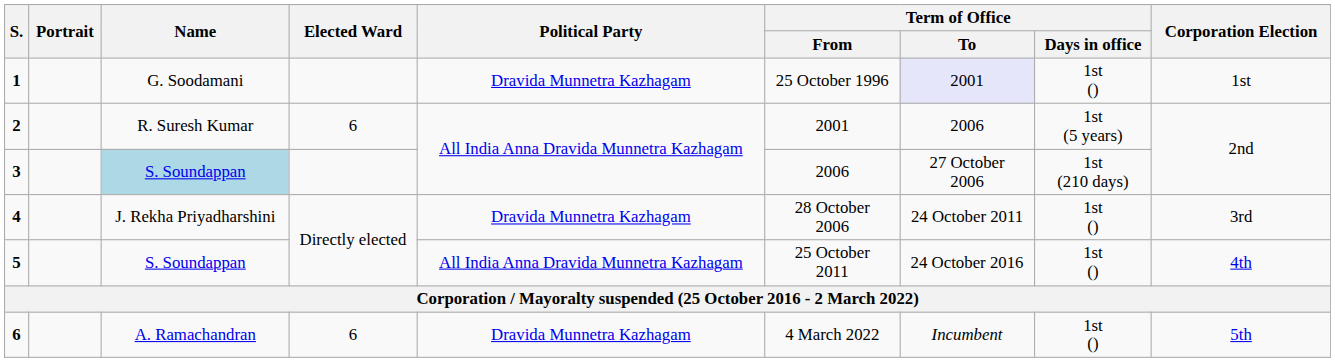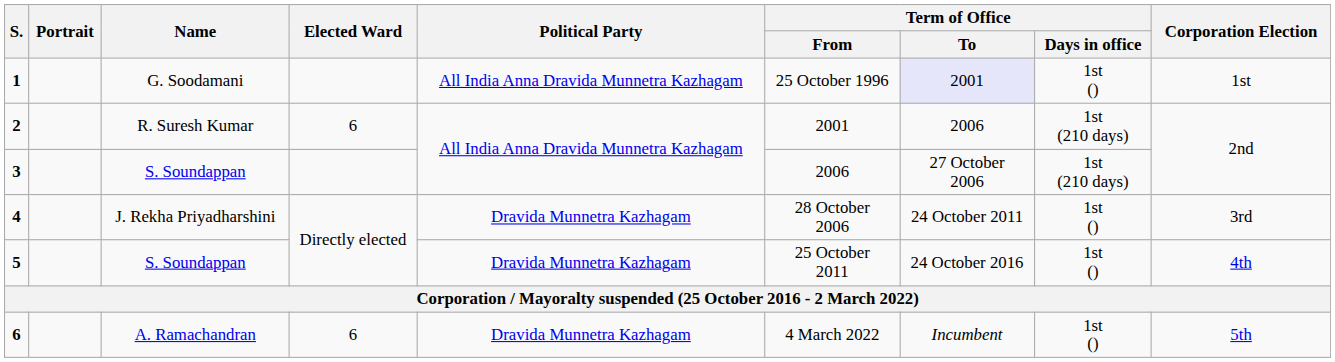 <table class="wikitable sortable" style="width:100%; text-align:center">
 <tr>
 <th rowspan="2">S.</th>
 <th rowspan="2">Portrait</th>
 <th rowspan="2">Name</th>
 <th rowspan="2">Elected Ward</th>
 <th rowspan="2">Political Party</th>
 <th colspan="3">Term of Office</th>
 <th rowspan="2">Corporation Election</th>
 </tr>
 <tr>
 <th>From</th>
 <th>To</th>
 <th>Days in office</th>
 </tr>
 <tr>
 <td style="background:"><strong>1</strong></td>
 <td></td>
 <td>G. Soodamani</td>
 <td></td>
-<td><a href='#'>Dravida Munnetra Kazhagam</a></td>
+<td><a href='#'>All India Anna Dravida Munnetra Kazhagam</a></td>
 <td>25 October 1996</td>
 <td style="background: lavender;">2001</td>
 <td>1st<br>()</td>
 <td>1st</td>
 </tr>
 <tr>
 <td style="background:"><strong>2</strong></td>
 <td></td>
 <td>R. Suresh Kumar</td>
 <td>6</td>
 <td rowspan="2"><a href='#'>All India Anna Dravida Munnetra Kazhagam</a></td>
 <td>2001</td>
 <td>2006</td>
-<td>1st<br>(5 years)</td>
+<td>1st<br>(210 days)</td>
 <td rowspan="2">2nd</td>
 </tr>
 <tr>
 <td style="background:"><strong>3</strong></td>
 <td></td>
-<td style="background: lightblue;"><a href='#'>S. Soundappan</a></td>
+<td><a href='#'>S. Soundappan</a></td>
 <td></td>
 <td>2006</td>
 <td>27 October<br>2006</td>
 <td>1st<br>(210 days)</td>
 </tr>
 <tr>
 <td style="background:"><strong>4</strong></td>
 <td></td>
 <td>J. Rekha Priyadharshini</td>
 <td rowspan="2">Directly elected</td>
 <td><a href='#'>Dravida Munnetra Kazhagam</a></td>
 <td>28 October<br>2006</td>
 <td>24 October 2011</td>
 <td>1st<br>()</td>
 <td>3rd</td>
 </tr>
 <tr>
 <td style="background:"><strong>5</strong></td>
 <td></td>
 <td><a href='#'>S. Soundappan</a></td>
-<td><a href='#'>All India Anna Dravida Munnetra Kazhagam</a></td>
+<td><a href='#'>Dravida Munnetra Kazhagam</a></td>
 <td>25 October<br>2011</td>
 <td>24 October 2016</td>
 <td>1st<br>()</td>
 <td><a href='#'>4th</a></td>
 </tr>
 <tr>
 <th colspan="9">Corporation / Mayoralty suspended (25 October 2016 - 2 March 2022)</th>
 </tr>
 <tr>
 <td style="background:"><strong>6</strong></td>
 <td></td>
 <td><a href='#'>A. Ramachandran</a></td>
 <td>6</td>
 <td><a href='#'>Dravida Munnetra Kazhagam</a></td>
 <td>4 March 2022</td>
 <td><em>Incumbent</em></td>
 <td>1st<br>()</td>
 <td><a href='#'>5th</a></td>
 </tr>
 </table>
